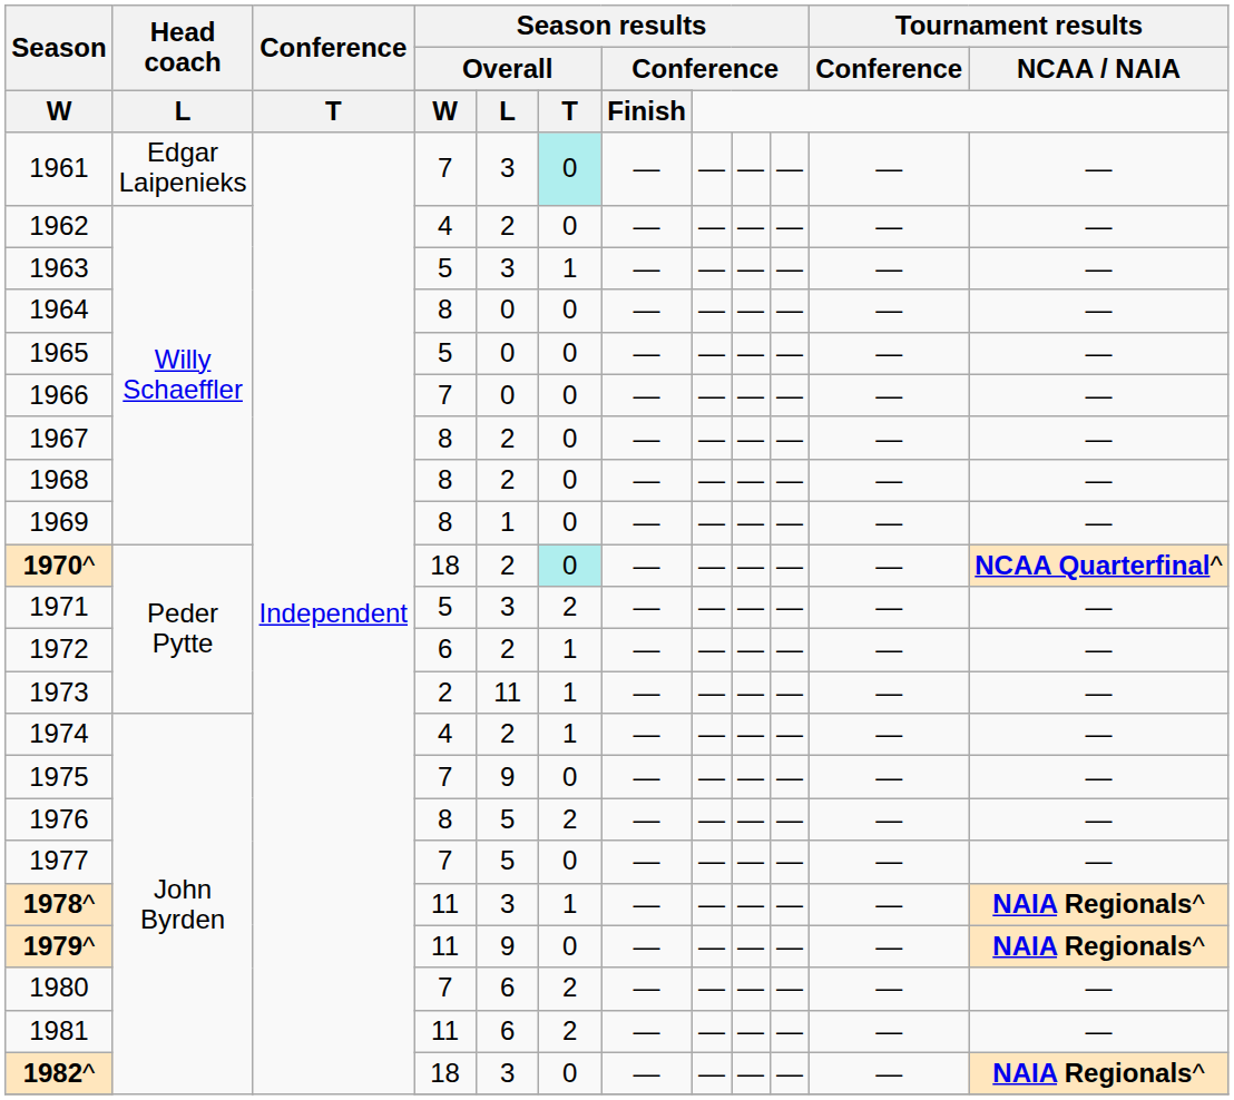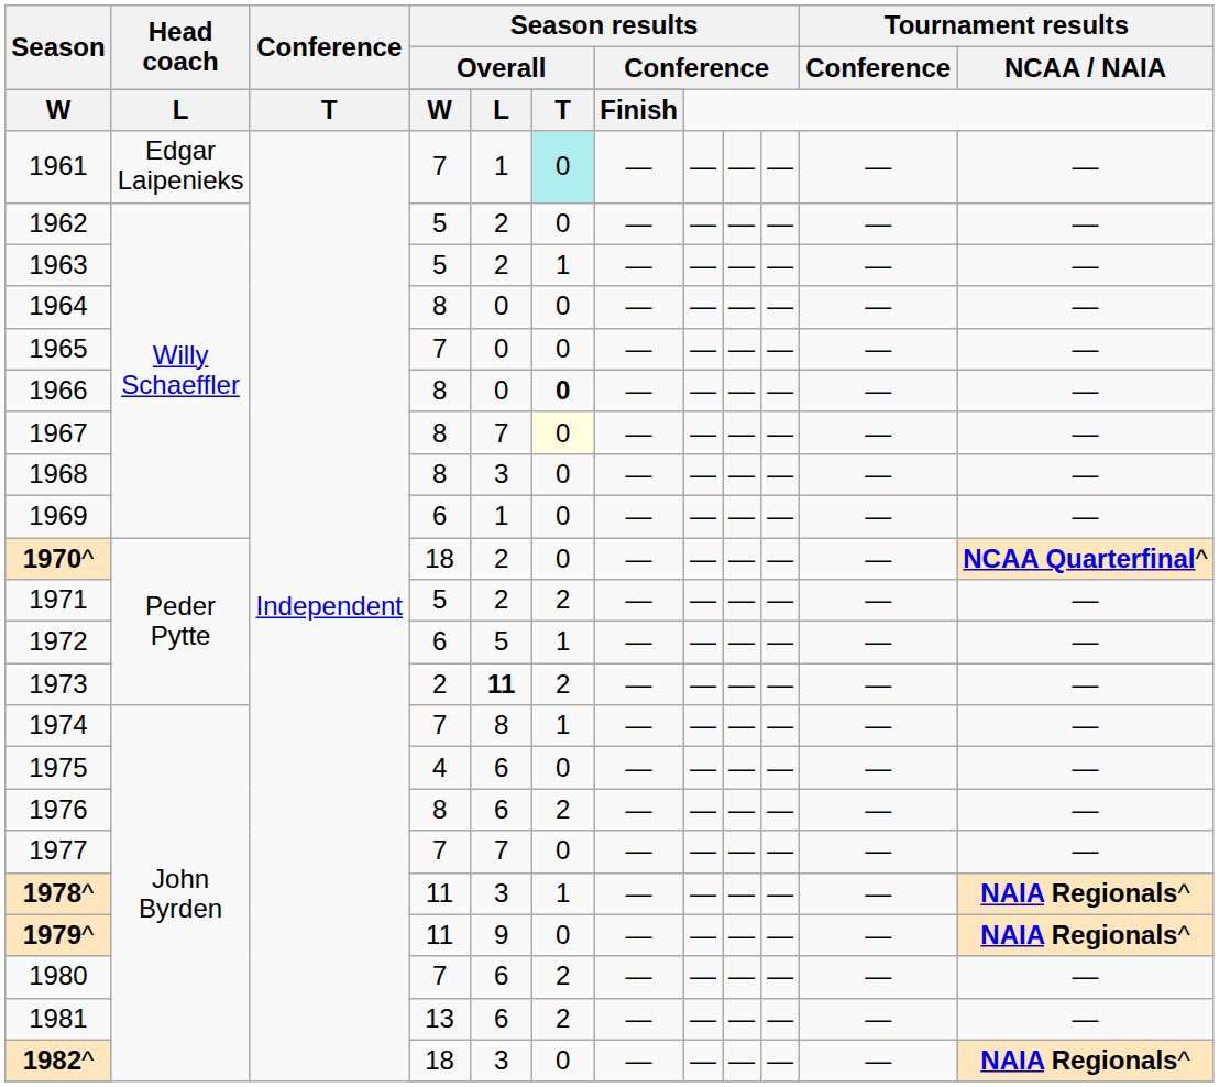 <table class="wikitable" style="font-size: %; text-align:center;">
 <tr>
 <th rowspan=3 width=px>Season</th>
 <th rowspan=3 width=px>Head coach</th>
 <th rowspan=3 width=px>Conference</th>
 <th colspan=7 width=px>Season results</th>
 <th colspan=2>Tournament results</th>
 </tr>
 <tr>
 <th colspan=3 width=px>Overall</th>
 <th colspan=4 width=px>Conference</th>
 <th rowspan=2 width=px>Conference</th>
 <th rowspan=2 width=px>NCAA / NAIA</th>
 </tr>
 <tr>
 </tr>
 <tr>
 <th width=30 width=px>W</th>
 <th width=30 width=px>L</th>
 <th width=30 width=px>T</th>
 <th width=30 width=px>W</th>
 <th width=30 width=px>L</th>
 <th width=30 width=px>T</th>
 <th width=px>Finish</th>
 </tr>
 <tr>
 <td>1961</td>
 <td>Edgar Laipenieks</td>
 <td rowspan="31"><a href='#'>Independent</a></td>
 <td>7</td>
-<td>3</td>
+<td>1</td>
 <td style="background: paleturquoise;">0</td>
 <td>—</td>
 <td>—</td>
 <td>—</td>
 <td>—</td>
 <td>—</td>
 <td>—</td>
 </tr>
 <tr>
 <td>1962</td>
 <td rowspan="8"><a href='#'>Willy Schaeffler</a></td>
-<td>4</td>
+<td>5</td>
 <td>2</td>
 <td>0</td>
 <td>—</td>
 <td>—</td>
 <td>—</td>
 <td>—</td>
 <td>—</td>
 <td>—</td>
 </tr>
 <tr>
 <td>1963</td>
 <td>5</td>
-<td>3</td>
+<td>2</td>
 <td>1</td>
 <td>—</td>
 <td>—</td>
 <td>—</td>
 <td>—</td>
 <td>—</td>
 <td>—</td>
 </tr>
 <tr>
 <td>1964</td>
 <td>8</td>
 <td>0</td>
 <td>0</td>
 <td>—</td>
 <td>—</td>
 <td>—</td>
 <td>—</td>
 <td>—</td>
 <td>—</td>
 </tr>
 <tr>
 <td>1965</td>
-<td>5</td>
+<td>7</td>
 <td>0</td>
 <td>0</td>
 <td>—</td>
 <td>—</td>
 <td>—</td>
 <td>—</td>
 <td>—</td>
 <td>—</td>
 </tr>
 <tr>
 <td>1966</td>
-<td>7</td>
+<td>8</td>
 <td>0</td>
-<td>0</td>
+<td><strong>0</strong></td>
 <td>—</td>
 <td>—</td>
 <td>—</td>
 <td>—</td>
 <td>—</td>
 <td>—</td>
 </tr>
 <tr>
 <td>1967</td>
 <td>8</td>
-<td>2</td>
-<td>0</td>
+<td>7</td>
+<td style="background: lightyellow;">0</td>
 <td>—</td>
 <td>—</td>
 <td>—</td>
 <td>—</td>
 <td>—</td>
 <td>—</td>
 </tr>
 <tr>
 <td>1968</td>
 <td>8</td>
-<td>2</td>
+<td>3</td>
 <td>0</td>
 <td>—</td>
 <td>—</td>
 <td>—</td>
 <td>—</td>
 <td>—</td>
 <td>—</td>
 </tr>
 <tr>
 <td>1969</td>
-<td>8</td>
+<td>6</td>
 <td>1</td>
 <td>0</td>
 <td>—</td>
 <td>—</td>
 <td>—</td>
 <td>—</td>
 <td>—</td>
 <td>—</td>
 </tr>
 <tr>
 <td bgcolor="#ffe6bd"><strong>1970</strong>^</td>
 <td rowspan="4">Peder Pytte</td>
 <td>18</td>
 <td>2</td>
-<td style="background: paleturquoise;">0</td>
+<td>0</td>
 <td>—</td>
 <td>—</td>
 <td>—</td>
 <td>—</td>
 <td>—</td>
 <td bgcolor="#ffe6bd"><strong><a href='#'>NCAA Quarterfinal</a></strong>^</td>
 </tr>
 <tr>
 <td>1971</td>
 <td>5</td>
-<td>3</td>
+<td>2</td>
 <td>2</td>
 <td>—</td>
 <td>—</td>
 <td>—</td>
 <td>—</td>
 <td>—</td>
 <td>—</td>
 </tr>
 <tr>
 <td>1972</td>
 <td>6</td>
-<td>2</td>
+<td>5</td>
 <td>1</td>
 <td>—</td>
 <td>—</td>
 <td>—</td>
 <td>—</td>
 <td>—</td>
 <td>—</td>
 </tr>
 <tr>
 <td>1973</td>
 <td>2</td>
-<td>11</td>
-<td>1</td>
+<td><strong>11</strong></td>
+<td>2</td>
 <td>—</td>
 <td>—</td>
 <td>—</td>
 <td>—</td>
 <td>—</td>
 <td>—</td>
 </tr>
 <tr>
 <td>1974</td>
 <td rowspan="14">John Byrden</td>
-<td>4</td>
-<td>2</td>
+<td>7</td>
+<td>8</td>
 <td>1</td>
 <td>—</td>
 <td>—</td>
 <td>—</td>
 <td>—</td>
 <td>—</td>
 <td>—</td>
 </tr>
 <tr>
 <td>1975</td>
-<td>7</td>
-<td>9</td>
+<td>4</td>
+<td>6</td>
 <td>0</td>
 <td>—</td>
 <td>—</td>
 <td>—</td>
 <td>—</td>
 <td>—</td>
 <td>—</td>
 </tr>
 <tr>
 <td>1976</td>
 <td>8</td>
-<td>5</td>
+<td>6</td>
 <td>2</td>
 <td>—</td>
 <td>—</td>
 <td>—</td>
 <td>—</td>
 <td>—</td>
 <td>—</td>
 </tr>
 <tr>
 <td>1977</td>
 <td>7</td>
-<td>5</td>
+<td>7</td>
 <td>0</td>
 <td>—</td>
 <td>—</td>
 <td>—</td>
 <td>—</td>
 <td>—</td>
 <td>—</td>
 </tr>
 <tr>
 <td bgcolor="#ffe6bd"><strong>1978</strong>^</td>
 <td>11</td>
 <td>3</td>
 <td>1</td>
 <td>—</td>
 <td>—</td>
 <td>—</td>
 <td>—</td>
 <td>—</td>
 <td bgcolor="#ffe6bd"><strong><a href='#'>NAIA</a> Regionals</strong>^</td>
 </tr>
 <tr>
 <td bgcolor="#ffe6bd"><strong>1979</strong>^</td>
 <td>11</td>
 <td>9</td>
 <td>0</td>
 <td>—</td>
 <td>—</td>
 <td>—</td>
 <td>—</td>
 <td>—</td>
 <td bgcolor="#ffe6bd"><strong><a href='#'>NAIA</a> Regionals</strong>^</td>
 </tr>
 <tr>
 <td>1980</td>
 <td>7</td>
 <td>6</td>
 <td>2</td>
 <td>—</td>
 <td>—</td>
 <td>—</td>
 <td>—</td>
 <td>—</td>
 <td>—</td>
 </tr>
 <tr>
 <td>1981</td>
-<td>11</td>
+<td>13</td>
 <td>6</td>
 <td>2</td>
 <td>—</td>
 <td>—</td>
 <td>—</td>
 <td>—</td>
 <td>—</td>
 <td>—</td>
 </tr>
 <tr>
 <td bgcolor="#ffe6bd"><strong>1982</strong>^</td>
 <td>18</td>
 <td>3</td>
 <td>0</td>
 <td>—</td>
 <td>—</td>
 <td>—</td>
 <td>—</td>
 <td>—</td>
 <td bgcolor="#ffe6bd"><strong><a href='#'>NAIA</a> Regionals</strong>^</td>
 </tr>
 <tr>
 </tr>
 </table>
